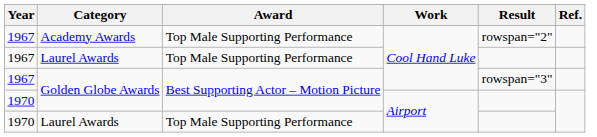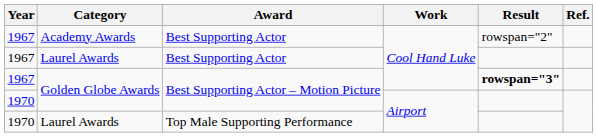 <table class="wikitable">
 <tr>
 <th>Year</th>
 <th>Category</th>
 <th>Award</th>
 <th>Work</th>
 <th>Result</th>
 <th>Ref.</th>
 </tr>
 <tr>
 <td><a href='#'>1967</a></td>
 <td><a href='#'>Academy Awards</a></td>
-<td>Top Male Supporting Performance</td>
+<td><a href='#'>Best Supporting Actor</a></td>
 <td rowspan="3"><em><a href='#'>Cool Hand Luke</a></em></td>
 <td>rowspan="2" </td>
 <td align="center"></td>
 </tr>
 <tr>
 <td>1967</td>
 <td><a href='#'>Laurel Awards</a></td>
-<td>Top Male Supporting Performance</td>
+<td><a href='#'>Best Supporting Actor</a></td>
 <td align="center"></td>
 </tr>
 <tr>
 <td><a href='#'>1967</a></td>
 <td rowspan="2"><a href='#'>Golden Globe Awards</a></td>
 <td rowspan="2"><a href='#'>Best Supporting Actor – Motion Picture</a></td>
-<td>rowspan="3" </td>
+<td><strong>rowspan="3" </strong></td>
 <td align="center"></td>
 </tr>
 <tr>
 <td><a href='#'>1970</a></td>
 <td rowspan="2"><em><a href='#'>Airport</a></em></td>
 <td align="center"></td>
 </tr>
 <tr>
 <td>1970</td>
 <td>Laurel Awards</td>
 <td>Top Male Supporting Performance</td>
 <td align="center"></td>
 </tr>
 </table>
